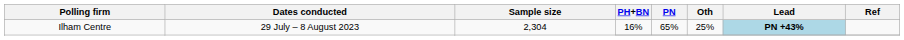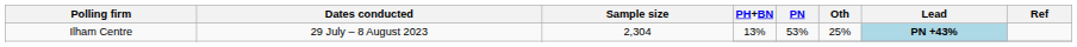 <table class="wikitable unsortable" style="text-align:center;font-size:90%;line-height:1.2">
 <tr>
 <th>Polling firm</th>
 <th>Dates conducted</th>
 <th>Sample size</th>
 <th style="width:4%; "><a href='#'>PH</a>+<a href='#'>BN</a></th>
 <th style="width:4%; "><a href='#'>PN</a></th>
 <th style="width:4%; ">Oth</th>
 <th>Lead</th>
 <th>Ref</th>
 </tr>
 <tr>
 <td rowspan="6">Ilham Centre</td>
 <td rowspan="6">29 July – 8 August 2023</td>
 <td rowspan="6">2,304</td>
-<td>16%</td>
-<td>65%</td>
+<td>13%</td>
+<td>53%</td>
 <td>25%</td>
 <td style="background: lightblue;"><strong>PN +43%</strong></td>
 <td></td>
 </tr>
 <tr>
 </tr>
 </table>
